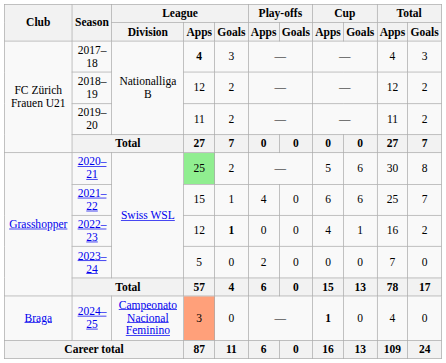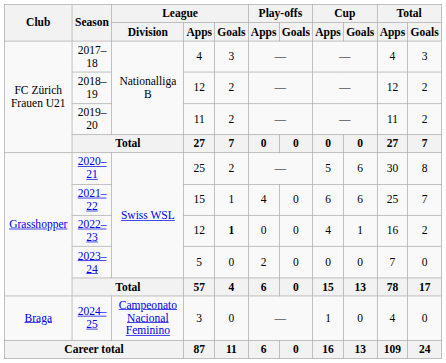 <table class="wikitable" style="text-align:center">
 <tr>
 <th rowspan="2">Club</th>
 <th rowspan="2">Season</th>
 <th colspan="3">League</th>
 <th colspan="2">Play-offs</th>
 <th colspan="2">Cup</th>
 <th colspan="2">Total</th>
 </tr>
 <tr>
 <th>Division</th>
 <th>Apps</th>
 <th>Goals</th>
 <th>Apps</th>
 <th>Goals</th>
 <th>Apps</th>
 <th>Goals</th>
 <th>Apps</th>
 <th>Goals</th>
 </tr>
 <tr>
 <td rowspan="4">FC Zürich Frauen U21</td>
 <td>2017–18</td>
 <td rowspan="3">Nationalliga B</td>
-<td><strong>4</strong></td>
+<td>4</td>
 <td>3</td>
 <td colspan="2">—</td>
 <td colspan="2">—</td>
 <td>4</td>
 <td>3</td>
 </tr>
 <tr>
 <td>2018–19</td>
 <td>12</td>
 <td>2</td>
 <td colspan="2">—</td>
 <td colspan="2">—</td>
 <td>12</td>
 <td>2</td>
 </tr>
 <tr>
 <td>2019–20</td>
 <td>11</td>
 <td>2</td>
 <td colspan="2">—</td>
 <td colspan="2">—</td>
 <td>11</td>
 <td>2</td>
 </tr>
 <tr>
 <th colspan="2">Total</th>
 <th>27</th>
 <th>7</th>
 <th>0</th>
 <th>0</th>
 <th>0</th>
 <th>0</th>
 <th>27</th>
 <th>7</th>
 </tr>
 <tr>
 <td rowspan=5><a href='#'>Grasshopper</a></td>
 <td><a href='#'>2020–21</a></td>
 <td rowspan="4"><a href='#'>Swiss WSL</a></td>
-<td style="background: lightgreen;">25</td>
+<td>25</td>
 <td>2</td>
 <td colspan="2">—</td>
 <td>5</td>
 <td>6</td>
 <td>30</td>
 <td>8</td>
 </tr>
 <tr>
 <td><a href='#'>2021–22</a></td>
 <td>15</td>
 <td>1</td>
 <td>4</td>
 <td>0</td>
 <td>6</td>
 <td>6</td>
 <td>25</td>
 <td>7</td>
 </tr>
 <tr>
 <td><a href='#'>2022–23</a></td>
 <td>12</td>
 <td><strong>1</strong></td>
 <td>0</td>
 <td>0</td>
 <td>4</td>
 <td>1</td>
 <td>16</td>
 <td>2</td>
 </tr>
 <tr>
 <td><a href='#'>2023–24</a></td>
 <td>5</td>
 <td>0</td>
 <td>2</td>
 <td>0</td>
 <td>0</td>
 <td>0</td>
 <td>7</td>
 <td>0</td>
 </tr>
 <tr>
 <th colspan=2>Total</th>
 <th>57</th>
 <th>4</th>
 <th>6</th>
 <th>0</th>
 <th>15</th>
 <th>13</th>
 <th>78</th>
 <th>17</th>
 </tr>
 <tr>
 <td rowspan=1><a href='#'>Braga</a></td>
 <td><a href='#'>2024–25</a></td>
 <td rowspan=1><a href='#'>Campeonato Nacional Feminino</a></td>
-<td style="background: lightsalmon;">3</td>
+<td>3</td>
 <td>0</td>
 <td colspan="2">—</td>
-<td><strong>1</strong></td>
+<td>1</td>
 <td>0</td>
 <td>4</td>
 <td>0</td>
 </tr>
 <tr>
 <th colspan="3">Career total</th>
 <th>87</th>
 <th>11</th>
 <th>6</th>
 <th>0</th>
 <th>16</th>
 <th>13</th>
 <th>109</th>
 <th>24</th>
 </tr>
 </table>
